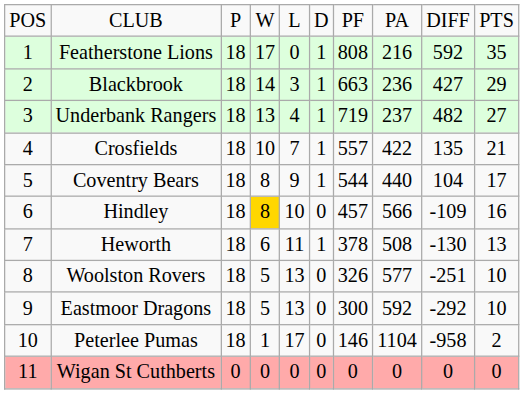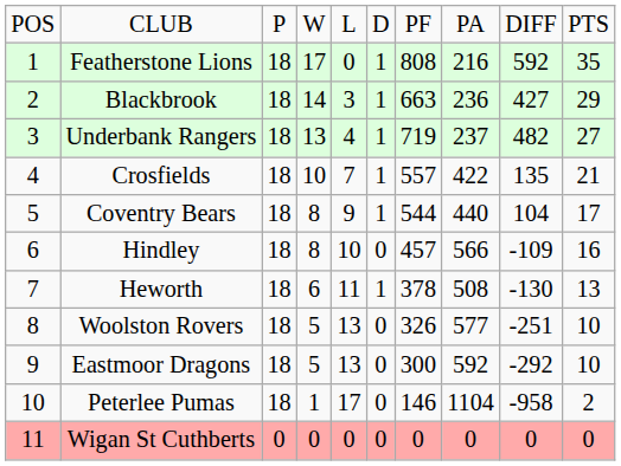 <table class="wikitable" style="text-align: center;">
 <tr>
 <td>POS</td>
 <td>CLUB</td>
 <td>P</td>
 <td>W</td>
 <td>L</td>
 <td>D</td>
 <td>PF</td>
 <td>PA</td>
 <td>DIFF</td>
 <td>PTS</td>
 </tr>
 <tr style="background:#ddffdd;">
 <td>1</td>
 <td>Featherstone Lions</td>
 <td>18</td>
 <td>17</td>
 <td>0</td>
 <td>1</td>
 <td>808</td>
 <td>216</td>
 <td>592</td>
 <td>35</td>
 </tr>
 <tr style="background:#ddffdd;">
 <td>2</td>
 <td>Blackbrook</td>
 <td>18</td>
 <td>14</td>
 <td>3</td>
 <td>1</td>
 <td>663</td>
 <td>236</td>
 <td>427</td>
 <td>29</td>
 </tr>
 <tr style="background:#ddffdd;">
 <td>3</td>
 <td>Underbank Rangers</td>
 <td>18</td>
 <td>13</td>
 <td>4</td>
 <td>1</td>
 <td>719</td>
 <td>237</td>
 <td>482</td>
 <td>27</td>
 </tr>
 <tr>
 <td>4</td>
 <td>Crosfields</td>
 <td>18</td>
 <td>10</td>
 <td>7</td>
 <td>1</td>
 <td>557</td>
 <td>422</td>
 <td>135</td>
 <td>21</td>
 </tr>
 <tr>
 <td>5</td>
 <td>Coventry Bears</td>
 <td>18</td>
 <td>8</td>
 <td>9</td>
 <td>1</td>
 <td>544</td>
 <td>440</td>
 <td>104</td>
 <td>17</td>
 </tr>
 <tr>
 <td>6</td>
 <td>Hindley</td>
 <td>18</td>
-<td style="background: gold;">8</td>
+<td>8</td>
 <td>10</td>
 <td>0</td>
 <td>457</td>
 <td>566</td>
 <td>-109</td>
 <td>16</td>
 </tr>
 <tr>
 <td>7</td>
 <td>Heworth</td>
 <td>18</td>
 <td>6</td>
 <td>11</td>
 <td>1</td>
 <td>378</td>
 <td>508</td>
 <td>-130</td>
 <td>13</td>
 </tr>
 <tr>
 <td>8</td>
 <td>Woolston Rovers</td>
 <td>18</td>
 <td>5</td>
 <td>13</td>
 <td>0</td>
 <td>326</td>
 <td>577</td>
 <td>-251</td>
 <td>10</td>
 </tr>
 <tr>
 <td>9</td>
 <td>Eastmoor Dragons</td>
 <td>18</td>
 <td>5</td>
 <td>13</td>
 <td>0</td>
 <td>300</td>
 <td>592</td>
 <td>-292</td>
 <td>10</td>
 </tr>
 <tr>
 <td>10</td>
 <td>Peterlee Pumas</td>
 <td>18</td>
 <td>1</td>
 <td>17</td>
 <td>0</td>
 <td>146</td>
 <td>1104</td>
 <td>-958</td>
 <td>2</td>
 </tr>
 <tr style="background:#ffaaaa;">
 <td>11</td>
 <td>Wigan St Cuthberts</td>
 <td>0</td>
 <td>0</td>
 <td>0</td>
 <td>0</td>
 <td>0</td>
 <td>0</td>
 <td>0</td>
 <td>0</td>
 </tr>
 </table>
